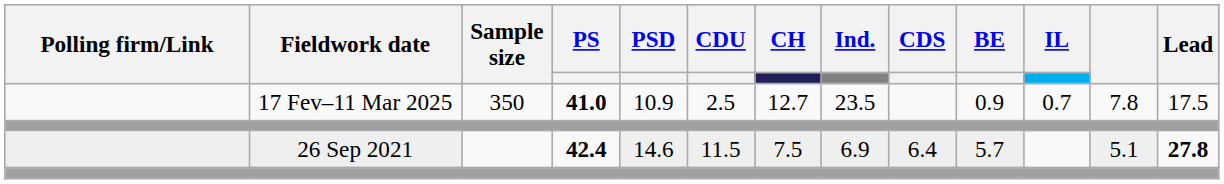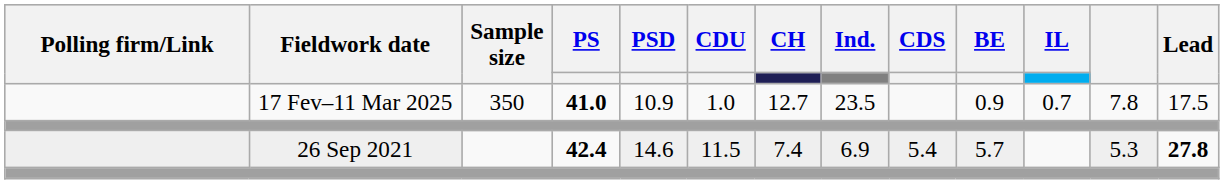 <table class="wikitable sortable mw-datatable" style="text-align:center;font-size:90%;line-height:16px;">
 <tr style="height:42px;">
 <th style="width:145px;" rowspan="2">Polling firm/Link</th>
 <th style="width:125px;" rowspan="2">Fieldwork date</th>
 <th class="unsortable" style="width:50px;" rowspan="2">Sample size</th>
 <th class="unsortable" style="width:35px;"><a href='#'>PS</a></th>
 <th class="unsortable" style="width:35px;"><a href='#'>PSD</a></th>
 <th class="unsortable" style="width:35px;"><a href='#'>CDU</a></th>
 <th class="unsortable" style="width:35px;"><a href='#'>CH</a></th>
 <th class="unsortable" style="width:35px;"><a href='#'>Ind.</a></th>
 <th class="unsortable" style="width:35px;"><a href='#'>CDS</a></th>
 <th class="unsortable" style="width:35px;"><a href='#'>BE</a></th>
 <th class="unsortable" style="width:35px;"><a href='#'>IL</a></th>
 <th class="unsortable" style="width:35px;" rowspan="2"></th>
 <th class="unsortable" style="width:30px;" rowspan="2">Lead</th>
 </tr>
 <tr>
 <th class="unsortable" style="color:inherit;background:"></th>
 <th class="unsortable" style="color:inherit;background:"></th>
 <th class="unsortable" style="color:inherit;background:"></th>
 <th class="unsortable" style="color:inherit;background:#202056;"></th>
 <th class="unsortable" style="color:inherit;background:gray;"></th>
 <th class="unsortable" style="color:inherit;background:"></th>
 <th class="unsortable" style="color:inherit;background:"></th>
 <th class="unsortable" style="color:inherit;background:#00ADEF;"></th>
 </tr>
 <tr>
 <td align="center"></td>
 <td align="center">17 Fev–11 Mar 2025</td>
 <td>350</td>
 <td><strong>41.0</strong></td>
 <td align="center">10.9</td>
-<td align="center">2.5</td>
+<td align="center">1.0</td>
 <td align="center">12.7</td>
 <td align="center">23.5</td>
 <td></td>
 <td align="center">0.9</td>
 <td align="center">0.7</td>
 <td align="center">7.8</td>
 <td style="background:">17.5</td>
 </tr>
 <tr>
 <td colspan="16" style="background:#A0A0A0"></td>
 </tr>
 <tr>
 <td style="background:#EFEFEF;"><strong></strong></td>
 <td style="background:#EFEFEF;" data-sort-value="2019-10-06">26 Sep 2021</td>
 <td></td>
 <td><strong>42.4</strong><br></td>
 <td style="background:#EFEFEF;">14.6<br></td>
 <td style="background:#EFEFEF;">11.5<br></td>
-<td style="background:#EFEFEF;">7.5<br></td>
+<td style="background:#EFEFEF;">7.4<br></td>
 <td style="background:#EFEFEF;">6.9<br></td>
-<td style="background:#EFEFEF;">6.4<br></td>
+<td style="background:#EFEFEF;">5.4<br></td>
 <td style="background:#EFEFEF;">5.7<br></td>
 <td></td>
-<td style="background:#EFEFEF;">5.1</td>
+<td style="background:#EFEFEF;">5.3</td>
 <td style="background:"><strong>27.8</strong></td>
 </tr>
 <tr>
 <td colspan="16" style="background:#A0A0A0"></td>
 </tr>
 </table>
